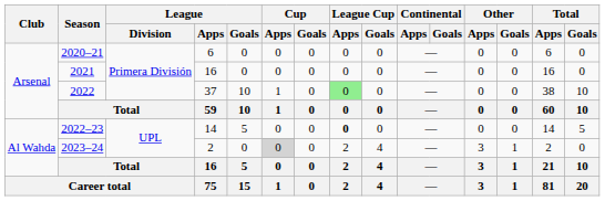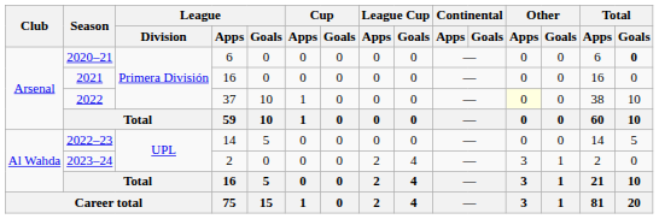 <table class="wikitable" style="text-align:center">
 <tr>
 <th rowspan="2">Club</th>
 <th rowspan="2">Season</th>
 <th colspan="3">League</th>
 <th colspan="2">Cup</th>
 <th colspan="2">League Cup</th>
 <th colspan="2">Continental</th>
 <th colspan="2">Other</th>
 <th colspan="2">Total</th>
 </tr>
 <tr>
 <th>Division</th>
 <th>Apps</th>
 <th>Goals</th>
 <th>Apps</th>
 <th>Goals</th>
 <th>Apps</th>
 <th>Goals</th>
 <th>Apps</th>
 <th>Goals</th>
 <th>Apps</th>
 <th>Goals</th>
 <th>Apps</th>
 <th>Goals</th>
 </tr>
 <tr>
 <td rowspan="4"><a href='#'>Arsenal</a></td>
 <td><a href='#'>2020–21</a></td>
 <td rowspan="3"><a href='#'>Primera División</a></td>
 <td>6</td>
 <td>0</td>
 <td>0</td>
 <td>0</td>
 <td>0</td>
 <td>0</td>
 <td colspan="2">—</td>
 <td>0</td>
 <td>0</td>
 <td>6</td>
-<td>0</td>
+<td><strong>0</strong></td>
 </tr>
 <tr>
 <td><a href='#'>2021</a></td>
 <td>16</td>
 <td>0</td>
 <td>0</td>
 <td>0</td>
 <td>0</td>
 <td>0</td>
 <td colspan="2">—</td>
 <td>0</td>
 <td>0</td>
 <td>16</td>
 <td>0</td>
 </tr>
 <tr>
 <td><a href='#'>2022</a></td>
 <td>37</td>
 <td>10</td>
 <td>1</td>
 <td>0</td>
-<td style="background: lightgreen;">0</td>
+<td>0</td>
 <td>0</td>
 <td colspan="2">—</td>
-<td>0</td>
+<td style="background: lightyellow;">0</td>
 <td>0</td>
 <td>38</td>
 <td>10</td>
 </tr>
 <tr>
 <th colspan="2">Total</th>
 <th>59</th>
 <th>10</th>
 <th>1</th>
 <th>0</th>
 <th>0</th>
 <th>0</th>
 <th colspan="2">—</th>
 <th>0</th>
 <th>0</th>
 <th>60</th>
 <th>10</th>
 </tr>
 <tr>
 <td rowspan="3"><a href='#'>Al Wahda</a></td>
 <td><a href='#'>2022–23</a></td>
 <td rowspan="2"><a href='#'>UPL</a></td>
 <td>14</td>
 <td>5</td>
 <td>0</td>
 <td>0</td>
-<td><strong>0</strong></td>
+<td>0</td>
 <td>0</td>
 <td colspan="2">—</td>
 <td>0</td>
 <td>0</td>
 <td>14</td>
 <td>5</td>
 </tr>
 <tr>
 <td><a href='#'>2023–24</a></td>
 <td>2</td>
 <td>0</td>
-<td style="background: lightgrey;">0</td>
+<td>0</td>
 <td>0</td>
 <td>2</td>
 <td>4</td>
 <td colspan="2">—</td>
 <td>3</td>
 <td>1</td>
 <td>2</td>
 <td>0</td>
 </tr>
 <tr>
 <th colspan="2">Total</th>
 <th>16</th>
 <th>5</th>
 <th>0</th>
 <th>0</th>
 <th>2</th>
 <th>4</th>
 <th colspan="2">—</th>
 <th>3</th>
 <th>1</th>
 <th>21</th>
 <th>10</th>
 </tr>
 <tr>
 <th colspan="3">Career total</th>
 <th>75</th>
 <th>15</th>
 <th>1</th>
 <th>0</th>
 <th>2</th>
 <th>4</th>
 <th colspan="2">—</th>
 <th>3</th>
 <th>1</th>
 <th>81</th>
 <th>20</th>
 </tr>
 </table>
